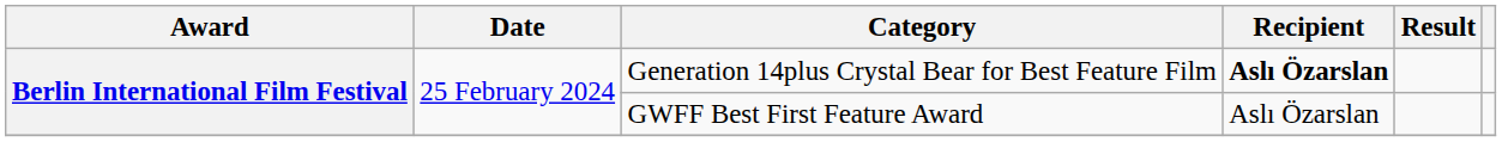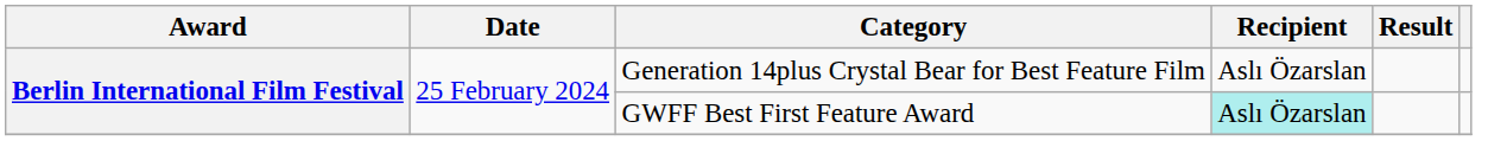 <table class="wikitable sortable plainrowheaders">
 <tr>
 <th>Award</th>
 <th>Date</th>
 <th>Category</th>
 <th>Recipient</th>
 <th>Result</th>
 <th></th>
 </tr>
 <tr>
 <th scope="row" rowspan="2"><a href='#'>Berlin International Film Festival</a></th>
 <td rowspan="2"><a href='#'>25 February 2024</a></td>
 <td>Generation 14plus Crystal Bear for Best Feature Film</td>
-<td><strong>Aslı Özarslan</strong></td>
+<td>Aslı Özarslan</td>
 <td></td>
 <td align="center" rowspan="1"></td>
 </tr>
 <tr>
 <td>GWFF Best First Feature Award</td>
-<td>Aslı Özarslan</td>
+<td style="background: paleturquoise;">Aslı Özarslan</td>
 <td></td>
 <td align="center"></td>
 </tr>
 <tr>
 </tr>
 </table>
